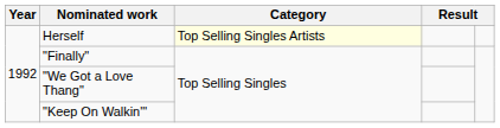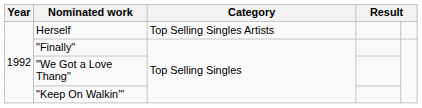 <table class=wikitable>
 <tr>
 <th width=5%>Year</th>
 <th width=28%>Nominated work</th>
 <th width=52%>Category</th>
 <th width=15% colspan=2>Result</th>
 </tr>
 <tr>
 <td rowspan=4>1992</td>
 <td>Herself</td>
-<td style="background: lightyellow;">Top Selling Singles Artists</td>
+<td>Top Selling Singles Artists</td>
 <td></td>
 <td width=4% align=center></td>
 </tr>
 <tr>
 <td>"Finally"</td>
 <td rowspan=3>Top Selling Singles</td>
 <td></td>
 <td width=4% align=center rowspan=3></td>
 </tr>
 <tr>
 <td>"We Got a Love Thang"</td>
 <td></td>
 </tr>
 <tr>
 <td>"Keep On Walkin'"</td>
 <td></td>
 </tr>
 </table>
